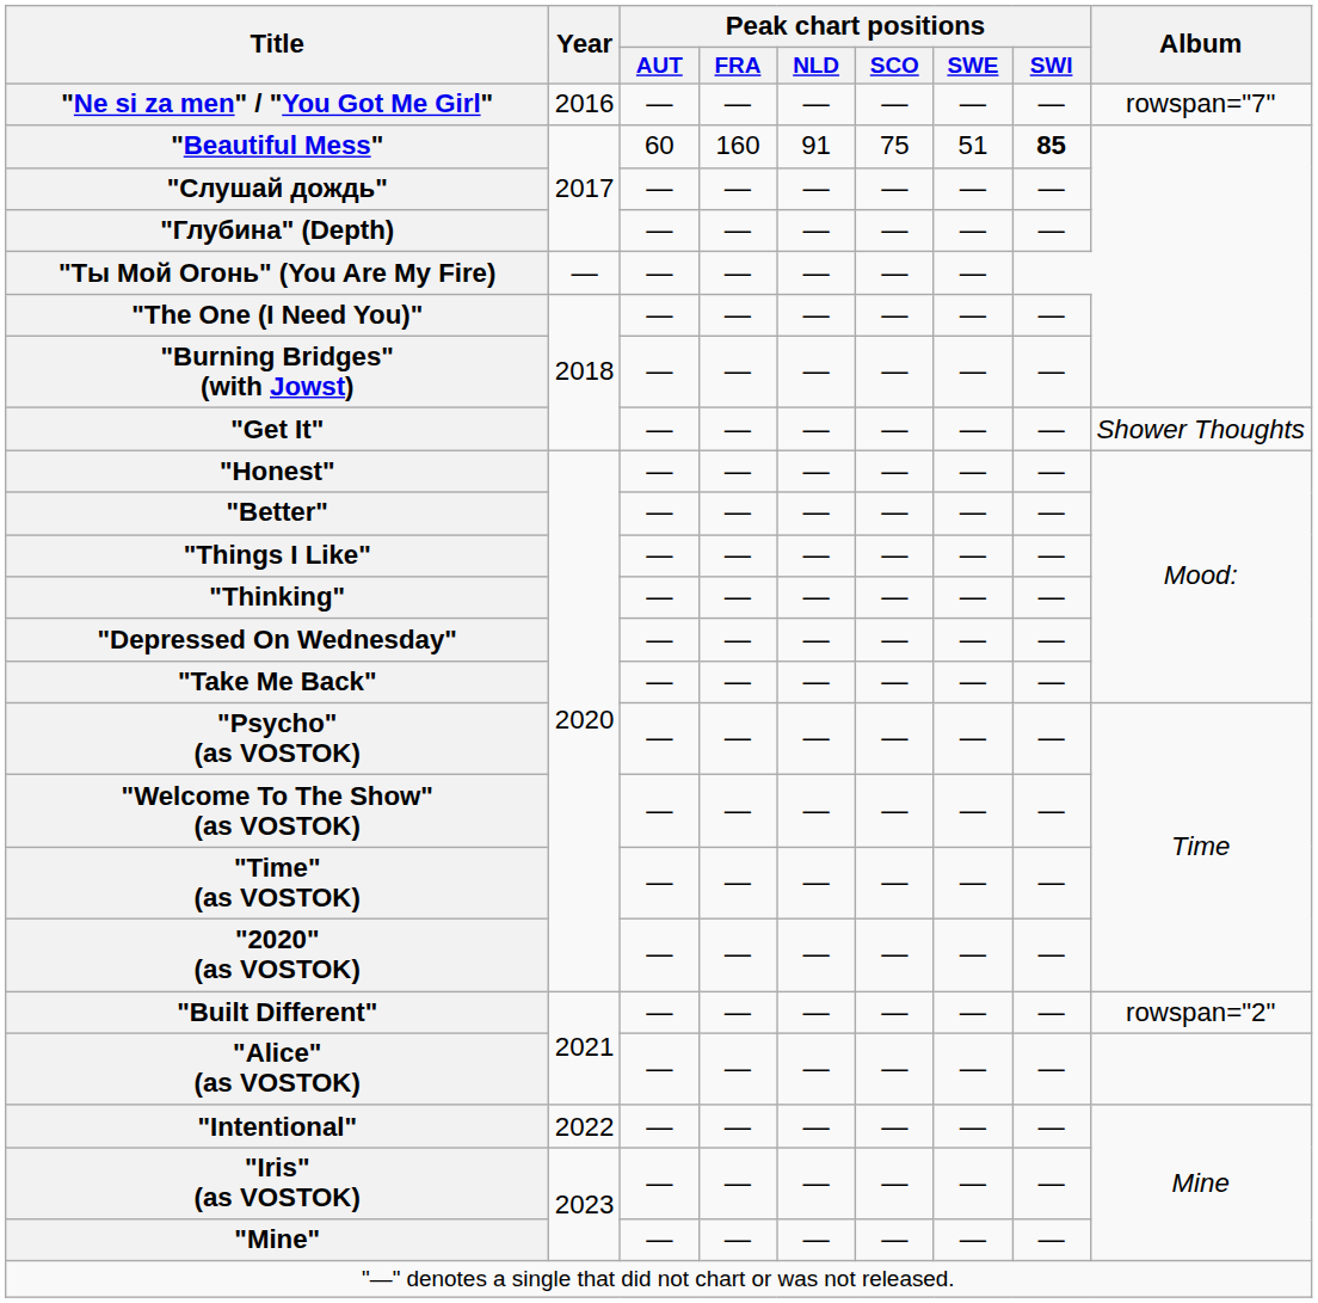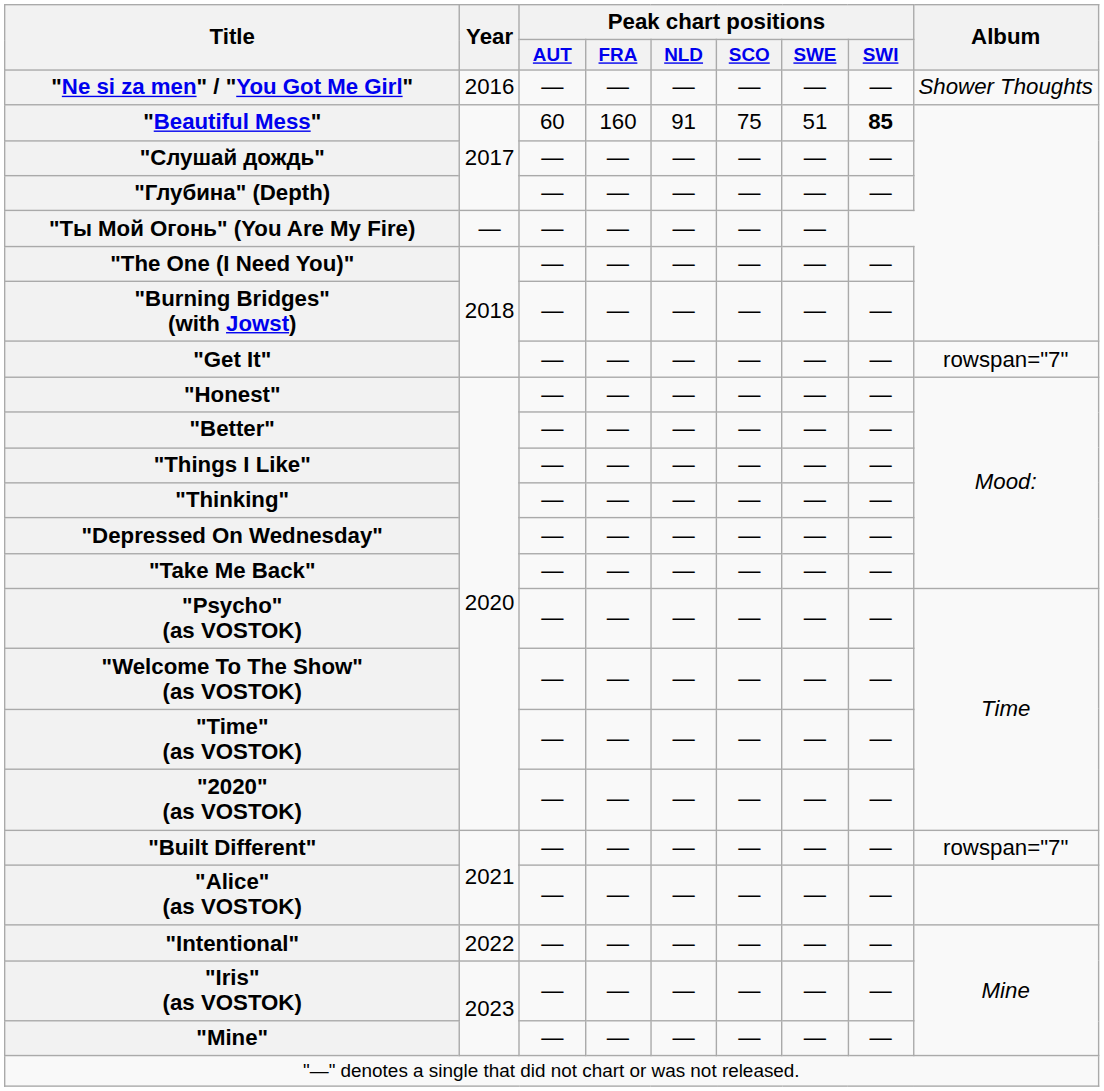 <table class="wikitable plainrowheaders" style="text-align:center;">
 <tr>
 <th scope="col" rowspan="2" style="width:20em;">Title</th>
 <th scope="col" rowspan="2" style="width:1em;">Year</th>
 <th scope="col" colspan="6">Peak chart positions</th>
 <th scope="col" rowspan="2">Album</th>
 </tr>
 <tr>
 <th scope="col" style="width:3em;font-size:85%;"><a href='#'>AUT</a><br></th>
 <th scope="col" style="width:3em;font-size:85%;"><a href='#'>FRA</a><br></th>
 <th scope="col" style="width:3em;font-size:85%;"><a href='#'>NLD</a><br></th>
 <th scope="col" style="width:3em;font-size:85%;"><a href='#'>SCO</a><br></th>
 <th scope="col" style="width:3em;font-size:85%;"><a href='#'>SWE</a><br></th>
 <th scope="col" style="width:3em;font-size:85%;"><a href='#'>SWI</a><br></th>
 </tr>
 <tr>
 <th scope="row">"<a href='#'>Ne si za men</a>" / "<a href='#'>You Got Me Girl</a>"</th>
 <td>2016</td>
 <td>—</td>
 <td>—</td>
 <td>—</td>
 <td>—</td>
 <td>—</td>
 <td>—</td>
-<td>rowspan="7" </td>
+<td><em>Shower Thoughts</em></td>
 </tr>
 <tr>
 <th scope="row">"<a href='#'>Beautiful Mess</a>"</th>
 <td rowspan="3">2017</td>
 <td>60</td>
 <td>160</td>
 <td>91</td>
 <td>75</td>
 <td>51</td>
 <td><strong>85</strong></td>
 </tr>
 <tr>
 <th scope="row">"Слушай дождь"</th>
 <td>—</td>
 <td>—</td>
 <td>—</td>
 <td>—</td>
 <td>—</td>
 <td>—</td>
 </tr>
 <tr>
 <th scope="row">"Глубина" <span>(Depth)</span></th>
 <td>—</td>
 <td>—</td>
 <td>—</td>
 <td>—</td>
 <td>—</td>
 <td>—</td>
 </tr>
 <tr>
 <th scope="row">"Ты Мой Огонь" <span>(You Are My Fire)</span></th>
 <td>—</td>
 <td>—</td>
 <td>—</td>
 <td>—</td>
 <td>—</td>
 <td>—</td>
 </tr>
 <tr>
 <th scope="row">"The One (I Need You)"</th>
 <td rowspan="3">2018</td>
 <td>—</td>
 <td>—</td>
 <td>—</td>
 <td>—</td>
 <td>—</td>
 <td>—</td>
 </tr>
 <tr>
 <th scope="row">"Burning Bridges"<br><span>(with <a href='#'>Jowst</a>)</span></th>
 <td>—</td>
 <td>—</td>
 <td>—</td>
 <td>—</td>
 <td>—</td>
 <td>—</td>
 </tr>
 <tr>
 <th scope="row">"Get It"</th>
 <td>—</td>
 <td>—</td>
 <td>—</td>
 <td>—</td>
 <td>—</td>
 <td>—</td>
-<td><em>Shower Thoughts</em></td>
+<td>rowspan="7" </td>
 </tr>
 <tr>
 <th scope="row">"Honest"</th>
 <td rowspan="10">2020</td>
 <td>—</td>
 <td>—</td>
 <td>—</td>
 <td>—</td>
 <td>—</td>
 <td>—</td>
 <td rowspan="6"><em>Mood:</em></td>
 </tr>
 <tr>
 <th scope="row">"Better"</th>
 <td>—</td>
 <td>—</td>
 <td>—</td>
 <td>—</td>
 <td>—</td>
 <td>—</td>
 </tr>
 <tr>
 <th scope="row">"Things I Like"</th>
 <td>—</td>
 <td>—</td>
 <td>—</td>
 <td>—</td>
 <td>—</td>
 <td>—</td>
 </tr>
 <tr>
 <th scope="row">"Thinking"</th>
 <td>—</td>
 <td>—</td>
 <td>—</td>
 <td>—</td>
 <td>—</td>
 <td>—</td>
 </tr>
 <tr>
 <th scope="row">"Depressed On Wednesday"</th>
 <td>—</td>
 <td>—</td>
 <td>—</td>
 <td>—</td>
 <td>—</td>
 <td>—</td>
 </tr>
 <tr>
 <th scope="row">"Take Me Back"</th>
 <td>—</td>
 <td>—</td>
 <td>—</td>
 <td>—</td>
 <td>—</td>
 <td>—</td>
 </tr>
 <tr>
 <th scope="row">"Psycho" <br><span>(as VOSTOK)</span></th>
 <td>—</td>
 <td>—</td>
 <td>—</td>
 <td>—</td>
 <td>—</td>
 <td>—</td>
 <td rowspan="4"><em>Time</em></td>
 </tr>
 <tr>
 <th scope="row">"Welcome To The Show" <br><span>(as VOSTOK)</span></th>
 <td>—</td>
 <td>—</td>
 <td>—</td>
 <td>—</td>
 <td>—</td>
 <td>—</td>
 </tr>
 <tr>
 <th scope="row">"Time" <br><span>(as VOSTOK)</span></th>
 <td>—</td>
 <td>—</td>
 <td>—</td>
 <td>—</td>
 <td>—</td>
 <td>—</td>
 </tr>
 <tr>
 <th scope="row">"2020" <br><span>(as VOSTOK)</span></th>
 <td>—</td>
 <td>—</td>
 <td>—</td>
 <td>—</td>
 <td>—</td>
 <td>—</td>
 </tr>
 <tr>
 <th scope="row">"Built Different"</th>
 <td rowspan="2">2021</td>
 <td>—</td>
 <td>—</td>
 <td>—</td>
 <td>—</td>
 <td>—</td>
 <td>—</td>
-<td>rowspan="2" </td>
+<td>rowspan="7" </td>
 </tr>
 <tr>
 <th scope="row">"Alice" <br><span>(as VOSTOK)</span></th>
 <td>—</td>
 <td>—</td>
 <td>—</td>
 <td>—</td>
 <td>—</td>
 <td>—</td>
 </tr>
 <tr>
 <th scope="row">"Intentional"</th>
 <td rowspan="1">2022</td>
 <td>—</td>
 <td>—</td>
 <td>—</td>
 <td>—</td>
 <td>—</td>
 <td>—</td>
 <td rowspan="3"><em>Mine</em></td>
 </tr>
 <tr>
 <th scope="row">"Iris" <br><span>(as VOSTOK)</span></th>
 <td rowspan="2">2023</td>
 <td>—</td>
 <td>—</td>
 <td>—</td>
 <td>—</td>
 <td>—</td>
 <td>—</td>
 </tr>
 <tr>
 <th scope="row">"Mine"</th>
 <td>—</td>
 <td>—</td>
 <td>—</td>
 <td>—</td>
 <td>—</td>
 <td>—</td>
 </tr>
 <tr>
 <td colspan="13" style="font-size:85%">"—" denotes a single that did not chart or was not released.</td>
 </tr>
 </table>
